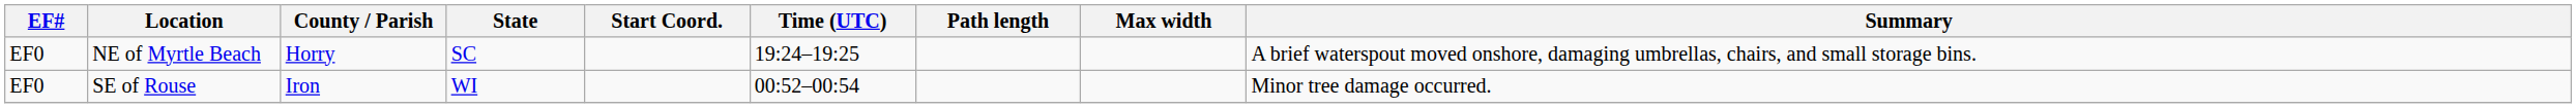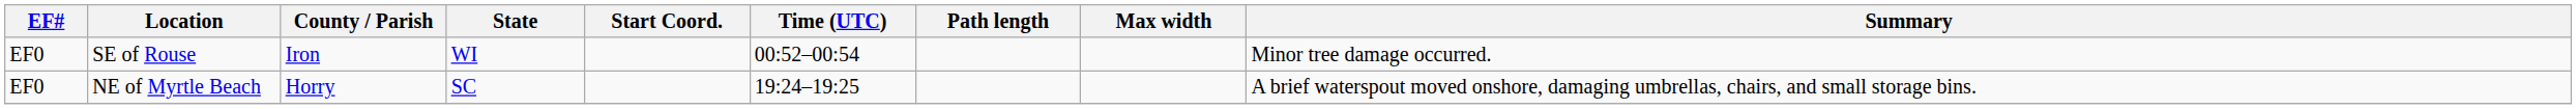 <table class="wikitable sortable" style="width:100%;">
 <tr>
 <th scope="col"  style="width:3%; text-align:center;"><a href='#'>EF#</a></th>
 <th scope="col"  style="width:7%; text-align:center;" class="unsortable">Location</th>
 <th scope="col"  style="width:6%; text-align:center;" class="unsortable">County / Parish</th>
 <th scope="col"  style="width:5%; text-align:center;">State</th>
 <th scope="col"  style="width:6%; text-align:center;">Start Coord.</th>
 <th scope="col"  style="width:6%; text-align:center;">Time (<a href='#'>UTC</a>)</th>
 <th scope="col"  style="width:6%; text-align:center;">Path length</th>
 <th scope="col"  style="width:6%; text-align:center;">Max width</th>
 <th scope="col" class="unsortable" style="width:48%; text-align:center;">Summary</th>
 </tr>
 <tr>
 <td>EF0</td>
+<td>SE of <a href='#'>Rouse</a></td>
+<td><a href='#'>Iron</a></td>
+<td><a href='#'>WI</a></td>
+<td></td>
+<td>00:52–00:54</td>
+<td></td>
+<td></td>
+<td>Minor tree damage occurred.</td>
+</tr>
+<tr>
+<td>EF0</td>
 <td>NE of <a href='#'>Myrtle Beach</a></td>
 <td><a href='#'>Horry</a></td>
 <td><a href='#'>SC</a></td>
 <td></td>
 <td>19:24–19:25</td>
 <td></td>
 <td></td>
 <td>A brief waterspout moved onshore, damaging umbrellas, chairs, and small storage bins.</td>
 </tr>
 <tr>
-<td>EF0</td>
-<td>SE of <a href='#'>Rouse</a></td>
-<td><a href='#'>Iron</a></td>
-<td><a href='#'>WI</a></td>
-<td></td>
-<td>00:52–00:54</td>
-<td></td>
-<td></td>
-<td>Minor tree damage occurred.</td>
-</tr>
-<tr>
 </tr>
 </table>
